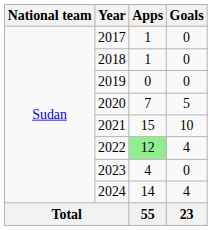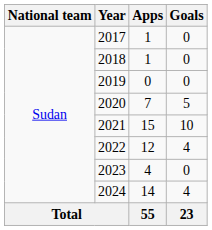 <table class="wikitable" style="text-align:center">
 <tr>
 <th>National team</th>
 <th>Year</th>
 <th>Apps</th>
 <th>Goals</th>
 </tr>
 <tr>
 <td rowspan="8"><a href='#'>Sudan</a></td>
 <td>2017</td>
 <td>1</td>
 <td>0</td>
 </tr>
 <tr>
 <td>2018</td>
 <td>1</td>
 <td>0</td>
 </tr>
 <tr>
 <td>2019</td>
 <td>0</td>
 <td>0</td>
 </tr>
 <tr>
 <td>2020</td>
 <td>7</td>
 <td>5</td>
 </tr>
 <tr>
 <td>2021</td>
 <td>15</td>
 <td>10</td>
 </tr>
 <tr>
 <td>2022</td>
-<td style="background: lightgreen;">12</td>
+<td>12</td>
 <td>4</td>
 </tr>
 <tr>
 <td>2023</td>
 <td>4</td>
 <td>0</td>
 </tr>
 <tr>
 <td>2024</td>
 <td>14</td>
 <td>4</td>
 </tr>
 <tr>
 <th colspan="2">Total</th>
 <th>55</th>
 <th>23</th>
 </tr>
 </table>
